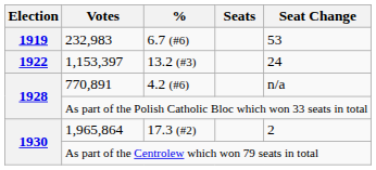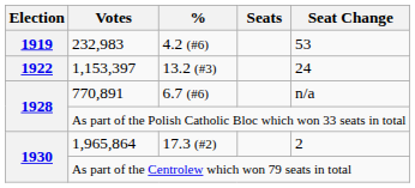 <table class=wikitable>
 <tr>
 <th>Election</th>
 <th>Votes</th>
 <th>%</th>
 <th>Seats</th>
 <th>Seat Change</th>
 </tr>
 <tr>
 <th><a href='#'>1919</a></th>
 <td>232,983</td>
-<td>6.7 <small>(#6)</small></td>
+<td>4.2 <small>(#6)</small></td>
 <td></td>
 <td>53</td>
 </tr>
 <tr>
 <th><a href='#'>1922</a></th>
 <td>1,153,397</td>
 <td>13.2 <small>(#3)</small></td>
 <td></td>
 <td>24</td>
 </tr>
 <tr>
 <th rowspan="2"><a href='#'>1928</a></th>
 <td>770,891</td>
-<td>4.2 <small>(#6)</small></td>
+<td>6.7 <small>(#6)</small></td>
 <td></td>
 <td>n/a</td>
 </tr>
 <tr>
 <td colspan="4"><small>As part of the Polish Catholic Bloc which won 33 seats in total</small></td>
 </tr>
 <tr>
 <th rowspan="2"><a href='#'>1930</a></th>
 <td>1,965,864</td>
 <td>17.3 <small>(#2)</small></td>
 <td></td>
 <td>2</td>
 </tr>
 <tr>
 <td colspan="4"><small>As part of the <a href='#'>Centrolew</a> which won 79 seats in total</small></td>
 </tr>
 </table>
